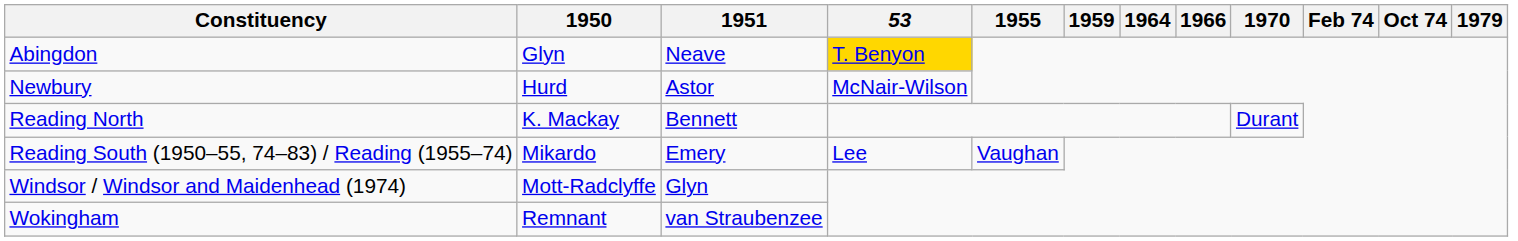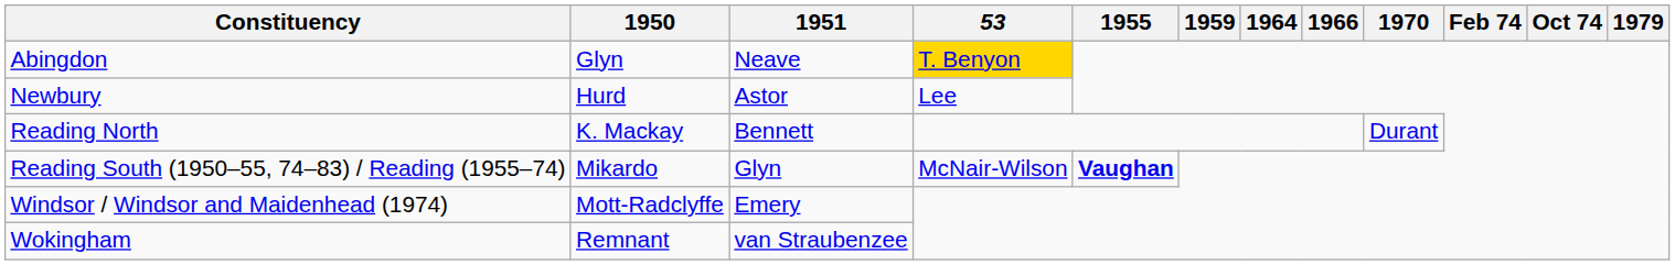 <table class="wikitable">
 <tr>
 <th>Constituency</th>
 <th>1950</th>
 <th>1951</th>
 <th><em>53</em></th>
 <th>1955</th>
 <th>1959</th>
 <th>1964</th>
 <th>1966</th>
 <th>1970</th>
 <th>Feb 74</th>
 <th>Oct 74</th>
 <th>1979</th>
 </tr>
 <tr>
 <td><a href='#'>Abingdon</a></td>
 <td><a href='#'>Glyn</a></td>
 <td><a href='#'>Neave</a></td>
 <td style="background: gold;"><a href='#'>T. Benyon</a></td>
 </tr>
 <tr>
 <td><a href='#'>Newbury</a></td>
 <td><a href='#'>Hurd</a></td>
 <td><a href='#'>Astor</a></td>
-<td><a href='#'>McNair-Wilson</a></td>
+<td><a href='#'>Lee</a></td>
 </tr>
 <tr>
 <td><a href='#'>Reading North</a></td>
 <td><a href='#'>K. Mackay</a></td>
 <td><a href='#'>Bennett</a></td>
 <td colspan="5"></td>
 <td><a href='#'>Durant</a></td>
 </tr>
 <tr>
 <td><a href='#'>Reading South</a> (1950–55, 74–83) / <a href='#'>Reading</a> (1955–74)</td>
 <td><a href='#'>Mikardo</a></td>
-<td><a href='#'>Emery</a></td>
-<td><a href='#'>Lee</a></td>
-<td><a href='#'>Vaughan</a></td>
+<td><a href='#'>Glyn</a></td>
+<td><a href='#'>McNair-Wilson</a></td>
+<td><strong><a href='#'>Vaughan</a></strong></td>
 </tr>
 <tr>
 <td><a href='#'>Windsor</a> / <a href='#'>Windsor and Maidenhead</a> (1974)</td>
 <td><a href='#'>Mott-Radclyffe</a></td>
-<td><a href='#'>Glyn</a></td>
+<td><a href='#'>Emery</a></td>
 </tr>
 <tr>
 <td><a href='#'>Wokingham</a></td>
 <td><a href='#'>Remnant</a></td>
 <td><a href='#'>van Straubenzee</a></td>
 </tr>
 </table>
